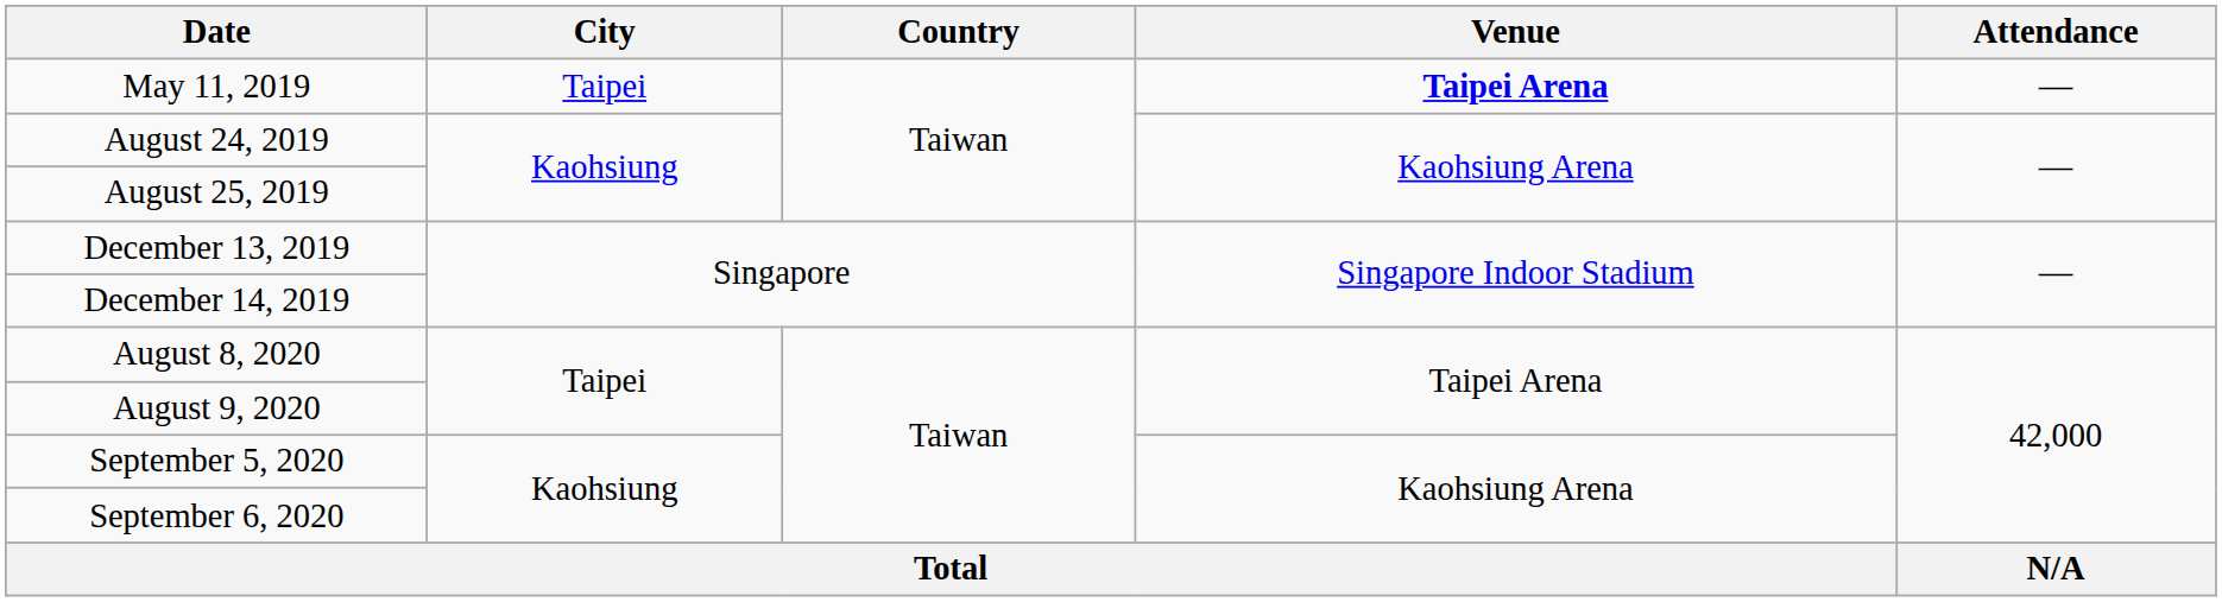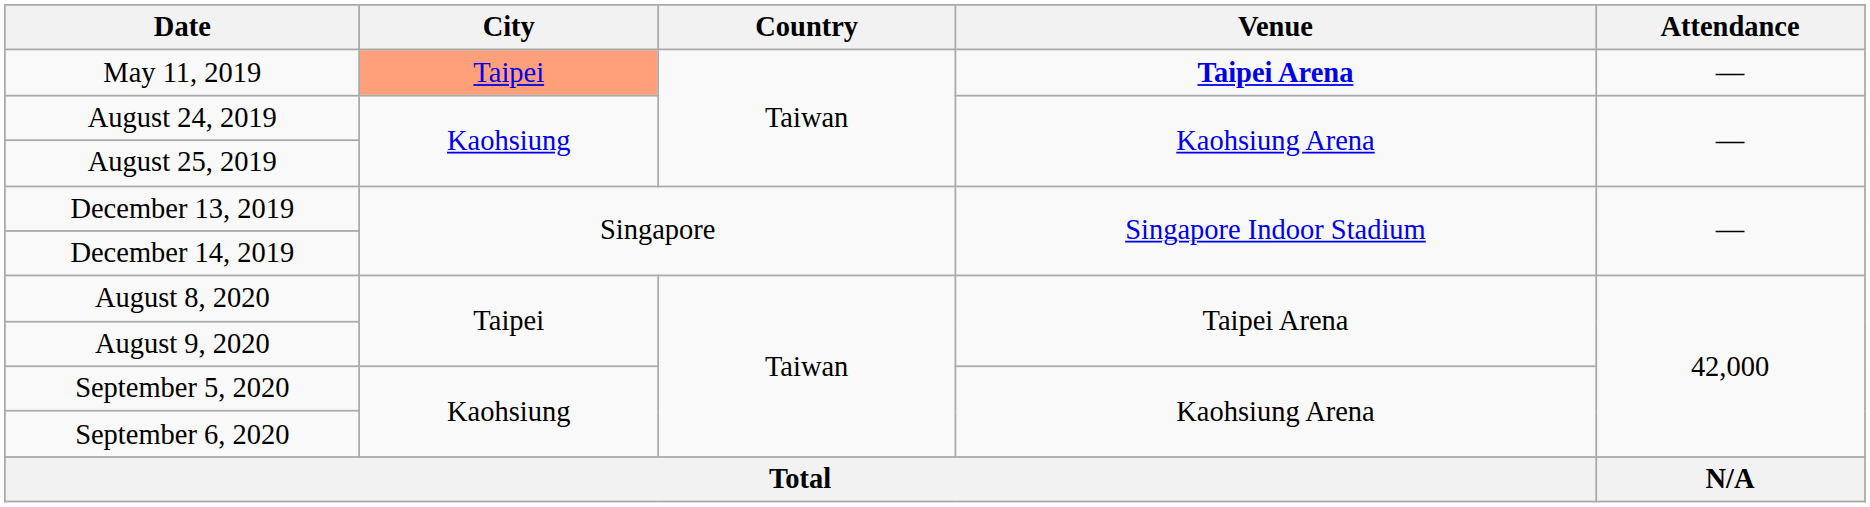 <table class="wikitable" style="text-align:center;">
 <tr>
 <th scope="col" style="width:12em">Date</th>
 <th scope="col" style="width:10em">City</th>
 <th scope="col" style="width:10em">Country</th>
 <th scope="col" style="width:22em">Venue</th>
 <th scope="col" style="width:9em">Attendance</th>
 </tr>
 <tr>
 <td>May 11, 2019</td>
-<td><a href='#'>Taipei</a></td>
+<td style="background: lightsalmon;"><a href='#'>Taipei</a></td>
 <td rowspan="3">Taiwan</td>
 <td><strong><a href='#'>Taipei Arena</a></strong></td>
 <td>—</td>
 </tr>
 <tr>
 <td>August 24, 2019</td>
 <td rowspan="2"><a href='#'>Kaohsiung</a></td>
 <td rowspan="2"><a href='#'>Kaohsiung Arena</a></td>
 <td rowspan="2">—</td>
 </tr>
 <tr>
 <td>August 25, 2019</td>
 </tr>
 <tr>
 <td>December 13, 2019</td>
 <td colspan="2" rowspan="2">Singapore</td>
 <td rowspan="2"><a href='#'>Singapore Indoor Stadium</a></td>
 <td rowspan="2">—</td>
 </tr>
 <tr>
 <td>December 14, 2019</td>
 </tr>
 <tr>
 <td>August 8, 2020</td>
 <td rowspan="2">Taipei</td>
 <td rowspan="4">Taiwan</td>
 <td rowspan="2">Taipei Arena</td>
 <td rowspan="4">42,000</td>
 </tr>
 <tr>
 <td>August 9, 2020</td>
 </tr>
 <tr>
 <td>September 5, 2020</td>
 <td rowspan="2">Kaohsiung</td>
 <td rowspan="2">Kaohsiung Arena</td>
 </tr>
 <tr>
 <td>September 6, 2020</td>
 </tr>
 <tr>
 <th colspan="4">Total</th>
 <th>N/A</th>
 </tr>
 </table>
